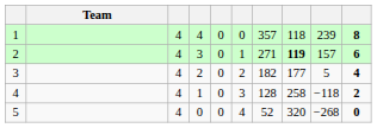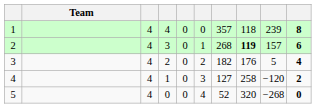 <table class=wikitable style=text-align:center>
 <tr>
 <th width=20 abbr=Position></th>
 <th width=175>Team</th>
 <th width=20 abbr=Played></th>
 <th width=20 abbr=Won></th>
 <th width=20 abbr=Drawn></th>
 <th width=20 abbr=Lost></th>
 <th width=30 abbr=Goal For></th>
 <th width=30 abbr=Goal Against></th>
 <th width=30 abbr=Goal Difference></th>
 <th width=30 abbr=Points></th>
 </tr>
 <tr bgcolor=#CCFFCC>
 <td>1 </td>
 <td align=left></td>
 <td>4</td>
 <td>4</td>
 <td>0</td>
 <td>0</td>
 <td>357</td>
 <td>118</td>
 <td>239</td>
 <td><strong>8</strong></td>
 </tr>
 <tr bgcolor=#CCFFCC>
 <td>2 </td>
 <td align=left></td>
 <td>4</td>
 <td>3</td>
 <td>0</td>
 <td>1</td>
-<td>271</td>
+<td>268</td>
 <td><strong>119</strong></td>
 <td>157</td>
 <td><strong>6</strong></td>
 </tr>
 <tr>
 <td>3 </td>
 <td align=left></td>
 <td>4</td>
 <td>2</td>
 <td>0</td>
 <td>2</td>
 <td>182</td>
-<td>177</td>
+<td>176</td>
 <td>5</td>
 <td><strong>4</strong></td>
 </tr>
 <tr>
 <td>4 </td>
 <td align=left></td>
 <td>4</td>
 <td>1</td>
 <td>0</td>
 <td>3</td>
-<td>128</td>
+<td>127</td>
 <td>258</td>
-<td>−118</td>
+<td>−120</td>
 <td><strong>2</strong></td>
 </tr>
 <tr>
 <td>5 </td>
 <td align=left></td>
 <td>4</td>
 <td>0</td>
 <td>0</td>
 <td>4</td>
 <td>52</td>
 <td>320</td>
 <td>−268</td>
 <td><strong>0</strong></td>
 </tr>
 </table>
